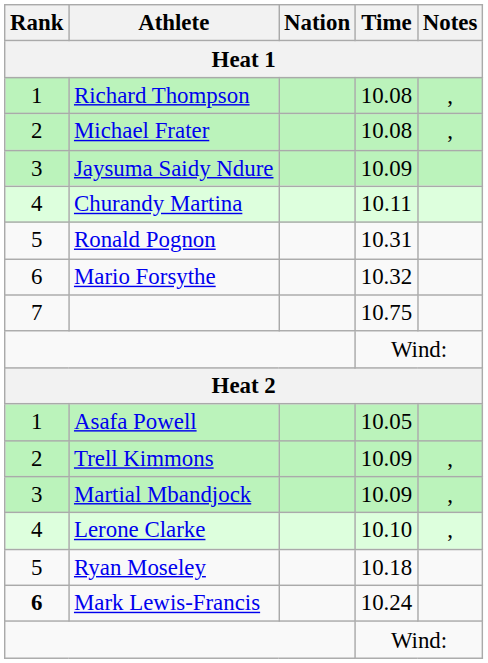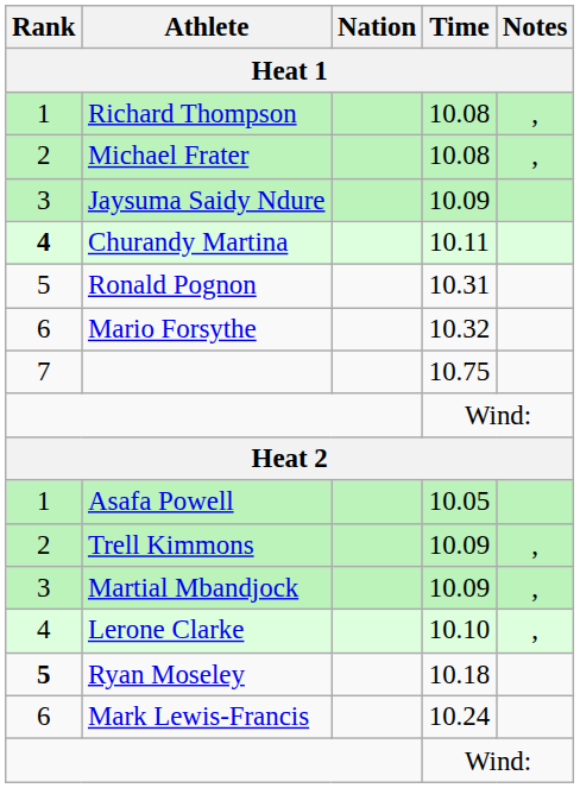 <table class="wikitable" style="text-align:center;">
 <tr>
 <th scope="col" style="width: 10px;">Rank</th>
 <th scope="col">Athlete</th>
 <th scope="col">Nation</th>
 <th scope="col">Time</th>
 <th scope="col">Notes</th>
 </tr>
 <tr>
 <th colspan="5" align="center">Heat 1</th>
 </tr>
 <tr bgcolor=bbf3bb>
 <td>1</td>
 <td align=left><a href='#'>Richard Thompson</a></td>
 <td align=left></td>
 <td>10.08</td>
 <td>, </td>
 </tr>
 <tr bgcolor=bbf3bb>
 <td>2</td>
 <td align=left><a href='#'>Michael Frater</a></td>
 <td align=left></td>
 <td>10.08</td>
 <td>, </td>
 </tr>
 <tr bgcolor=bbf3bb>
 <td>3</td>
 <td align=left><a href='#'>Jaysuma Saidy Ndure</a></td>
 <td align=left></td>
 <td>10.09</td>
 <td></td>
 </tr>
 <tr bgcolor=ddffdd>
-<td>4</td>
+<td><strong>4</strong></td>
 <td align=left><a href='#'>Churandy Martina</a></td>
 <td align=left></td>
 <td>10.11</td>
 <td></td>
 </tr>
 <tr>
 <td>5</td>
 <td align=left><a href='#'>Ronald Pognon</a></td>
 <td align=left></td>
 <td>10.31</td>
 <td></td>
 </tr>
 <tr>
 <td>6</td>
 <td align=left><a href='#'>Mario Forsythe</a></td>
 <td align=left></td>
 <td>10.32</td>
 <td></td>
 </tr>
 <tr>
 <td>7</td>
 <td align=left></td>
 <td align=left></td>
 <td>10.75</td>
 <td></td>
 </tr>
 <tr>
 <td colspan="3"></td>
 <td colspan="2">Wind: </td>
 </tr>
 <tr>
 <th align=center colspan=5>Heat 2</th>
 </tr>
 <tr bgcolor=bbf3bb>
 <td>1</td>
 <td align=left><a href='#'>Asafa Powell</a></td>
 <td align=left></td>
 <td>10.05</td>
 <td></td>
 </tr>
 <tr bgcolor=bbf3bb>
 <td>2</td>
 <td align=left><a href='#'>Trell Kimmons</a></td>
 <td align=left></td>
 <td>10.09</td>
 <td>, </td>
 </tr>
 <tr bgcolor=bbf3bb>
 <td>3</td>
 <td align=left><a href='#'>Martial Mbandjock</a></td>
 <td align=left></td>
 <td>10.09</td>
 <td>, </td>
 </tr>
 <tr bgcolor=ddffdd>
 <td>4</td>
 <td align=left><a href='#'>Lerone Clarke</a></td>
 <td align=left></td>
 <td>10.10</td>
 <td>, </td>
 </tr>
 <tr>
-<td>5</td>
+<td><strong>5</strong></td>
 <td align=left><a href='#'>Ryan Moseley</a></td>
 <td align=left></td>
 <td>10.18</td>
 <td></td>
 </tr>
 <tr>
-<td><strong>6</strong></td>
+<td>6</td>
 <td align=left><a href='#'>Mark Lewis-Francis</a></td>
 <td align=left></td>
 <td>10.24</td>
 <td></td>
 </tr>
 <tr class="sortbottom">
 <td colspan="3"></td>
 <td colspan="2">Wind: </td>
 </tr>
 </table>
